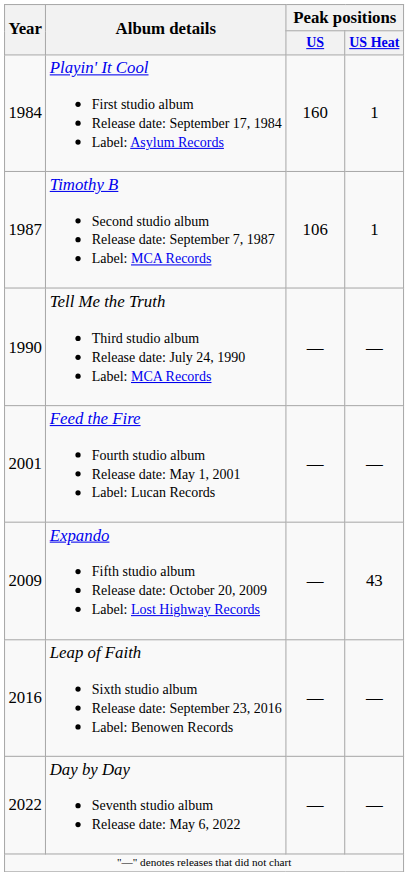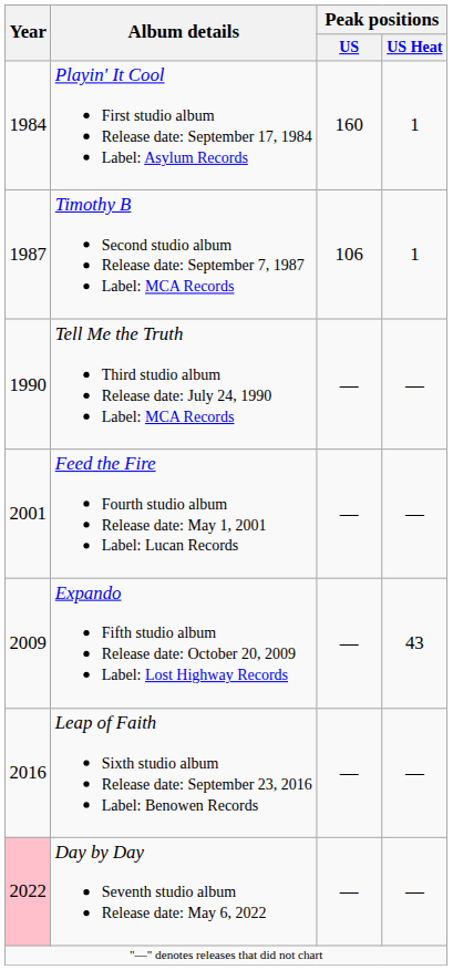 <table class="wikitable" style="text-align:center;">
 <tr>
 <th rowspan="2">Year</th>
 <th rowspan="2">Album details</th>
 <th colspan="2">Peak positions</th>
 </tr>
 <tr style="font-size:smaller;">
 <th style="width:50px;"><a href='#'>US</a></th>
 <th style="width:50px;"><a href='#'>US Heat</a></th>
 </tr>
 <tr>
 <td>1984</td>
 <td style="text-align:left;"><em><a href='#'>Playin' It Cool</a></em><br><ul><li><small>First studio album</small></li><li><small>Release date: September 17, 1984</small></li><li><small>Label: <a href='#'>Asylum Records</a></small></li></ul></td>
 <td>160</td>
 <td>1</td>
 </tr>
 <tr>
 <td>1987</td>
 <td style="text-align:left;"><em><a href='#'>Timothy B</a></em><br><ul><li><small>Second studio album</small></li><li><small>Release date: September 7, 1987</small></li><li><small>Label: <a href='#'>MCA Records</a></small></li></ul></td>
 <td>106</td>
 <td>1</td>
 </tr>
 <tr>
 <td>1990</td>
 <td style="text-align:left;"><em>Tell Me the Truth</em><br><ul><li><small>Third studio album</small></li><li><small>Release date: July 24, 1990</small></li><li><small>Label: <a href='#'>MCA Records</a></small></li></ul></td>
 <td>—</td>
 <td>—</td>
 </tr>
 <tr>
 <td>2001</td>
 <td style="text-align:left;"><em><a href='#'>Feed the Fire</a></em><br><ul><li><small>Fourth studio album</small></li><li><small>Release date: May 1, 2001</small></li><li><small>Label: Lucan Records</small></li></ul></td>
 <td>—</td>
 <td>—</td>
 </tr>
 <tr>
 <td>2009</td>
 <td style="text-align:left;"><em><a href='#'>Expando</a></em><br><ul><li><small>Fifth studio album</small></li><li><small>Release date: October 20, 2009</small></li><li><small>Label: <a href='#'>Lost Highway Records</a></small></li></ul></td>
 <td>—</td>
 <td>43</td>
 </tr>
 <tr>
 <td>2016</td>
 <td style="text-align:left;"><em>Leap of Faith</em><br><ul><li><small>Sixth studio album</small></li><li><small>Release date: September 23, 2016</small></li><li><small>Label: Benowen Records</small></li></ul></td>
 <td>—</td>
 <td>—</td>
 </tr>
 <tr>
-<td>2022</td>
+<td style="background: pink;">2022</td>
 <td style="text-align:left;"><em>Day by Day</em><br><ul><li><small>Seventh studio album</small></li><li><small>Release date: May 6, 2022</small></li></ul></td>
 <td>—</td>
 <td>—</td>
 </tr>
 <tr>
 <td colspan="8" style="font-size:8pt">"—" denotes releases that did not chart</td>
 </tr>
 </table>
